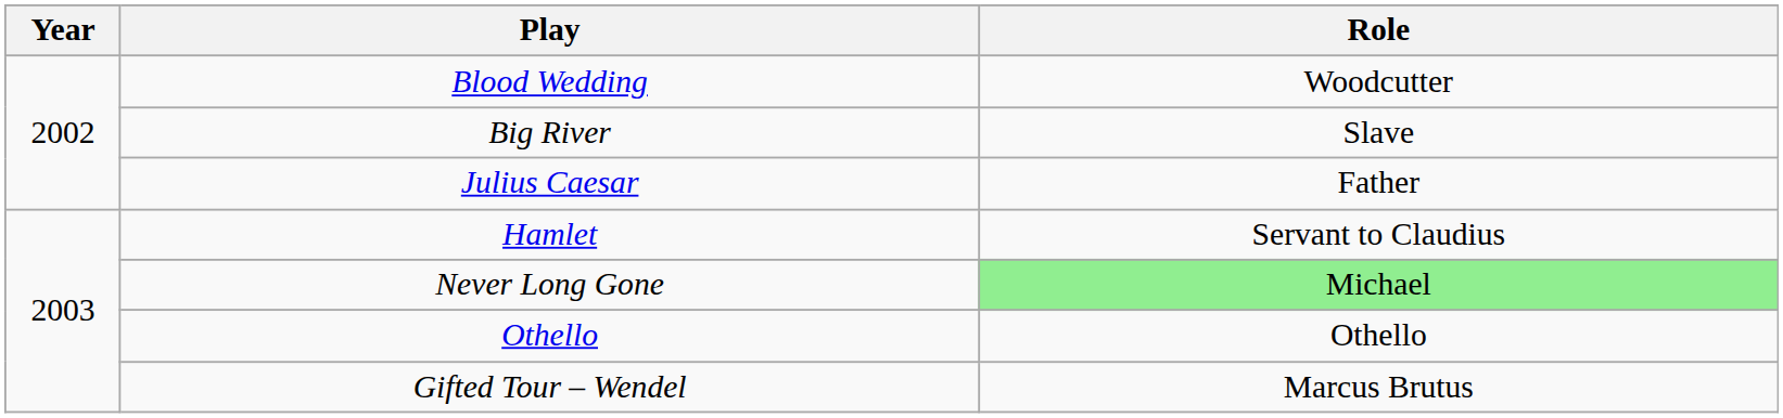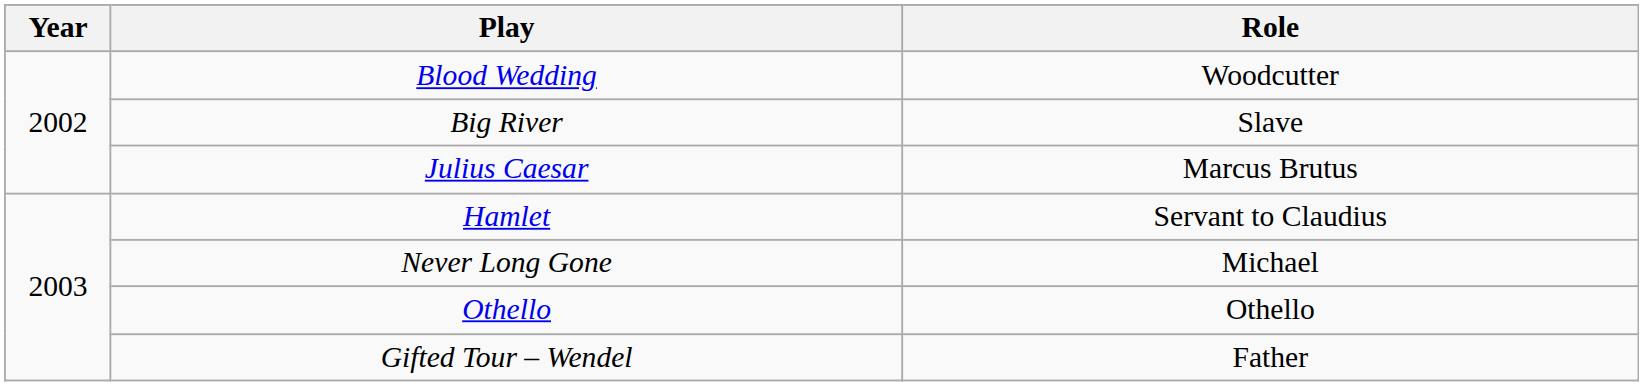 <table class=wikitable style="text-align:center;width: 100%;">
 <tr>
 <th>Year</th>
 <th>Play</th>
 <th>Role</th>
 </tr>
 <tr>
 <td rowspan=3 style="width: 50px;">2002</td>
 <td><em><a href='#'>Blood Wedding</a></em></td>
 <td>Woodcutter</td>
 </tr>
 <tr>
 <td><em>Big River</em></td>
 <td>Slave</td>
 </tr>
 <tr>
 <td><em><a href='#'>Julius Caesar</a></em></td>
-<td>Father</td>
+<td>Marcus Brutus</td>
 </tr>
 <tr>
 <td rowspan=4 style="width: 50px;">2003</td>
 <td><em><a href='#'>Hamlet</a></em></td>
 <td>Servant to Claudius</td>
 </tr>
 <tr>
 <td><em>Never Long Gone</em></td>
-<td style="background: lightgreen;">Michael</td>
+<td>Michael</td>
 </tr>
 <tr>
 <td><em><a href='#'>Othello</a></em></td>
 <td>Othello</td>
 </tr>
 <tr>
 <td><em>Gifted Tour – Wendel</em></td>
-<td>Marcus Brutus</td>
+<td>Father</td>
 </tr>
 </table>
